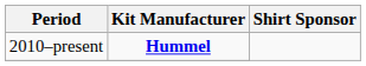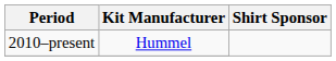 <table class="wikitable" style="text-align:center">
 <tr>
 <th>Period</th>
 <th>Kit Manufacturer</th>
 <th>Shirt Sponsor</th>
 </tr>
 <tr>
 <td>2010–present</td>
-<td><strong><a href='#'>Hummel</a></strong></td>
+<td><a href='#'>Hummel</a></td>
 </tr>
 <tr>
 </tr>
 </table>
